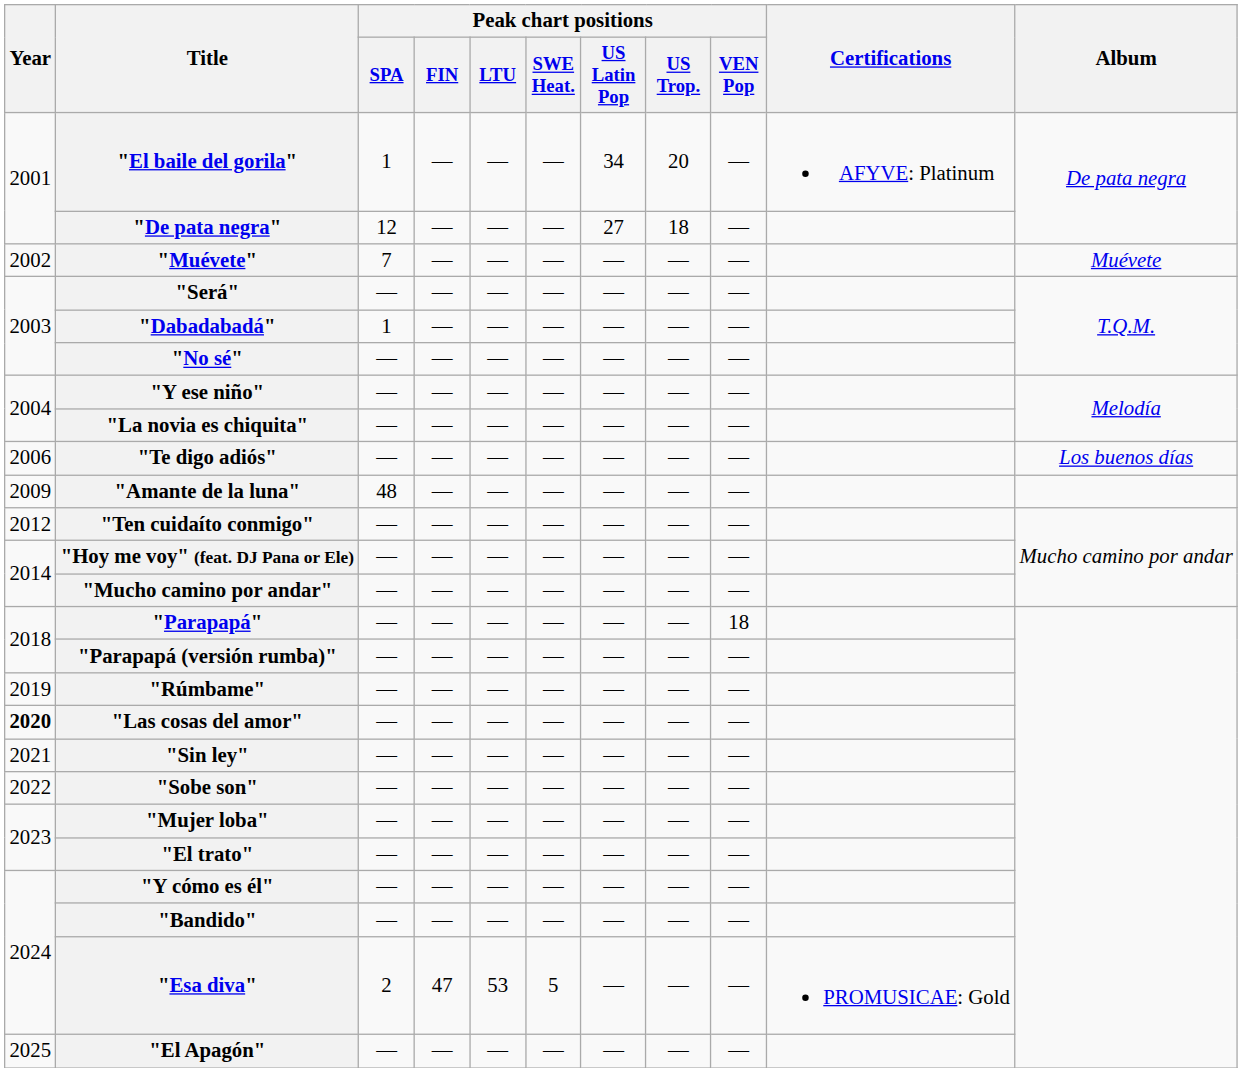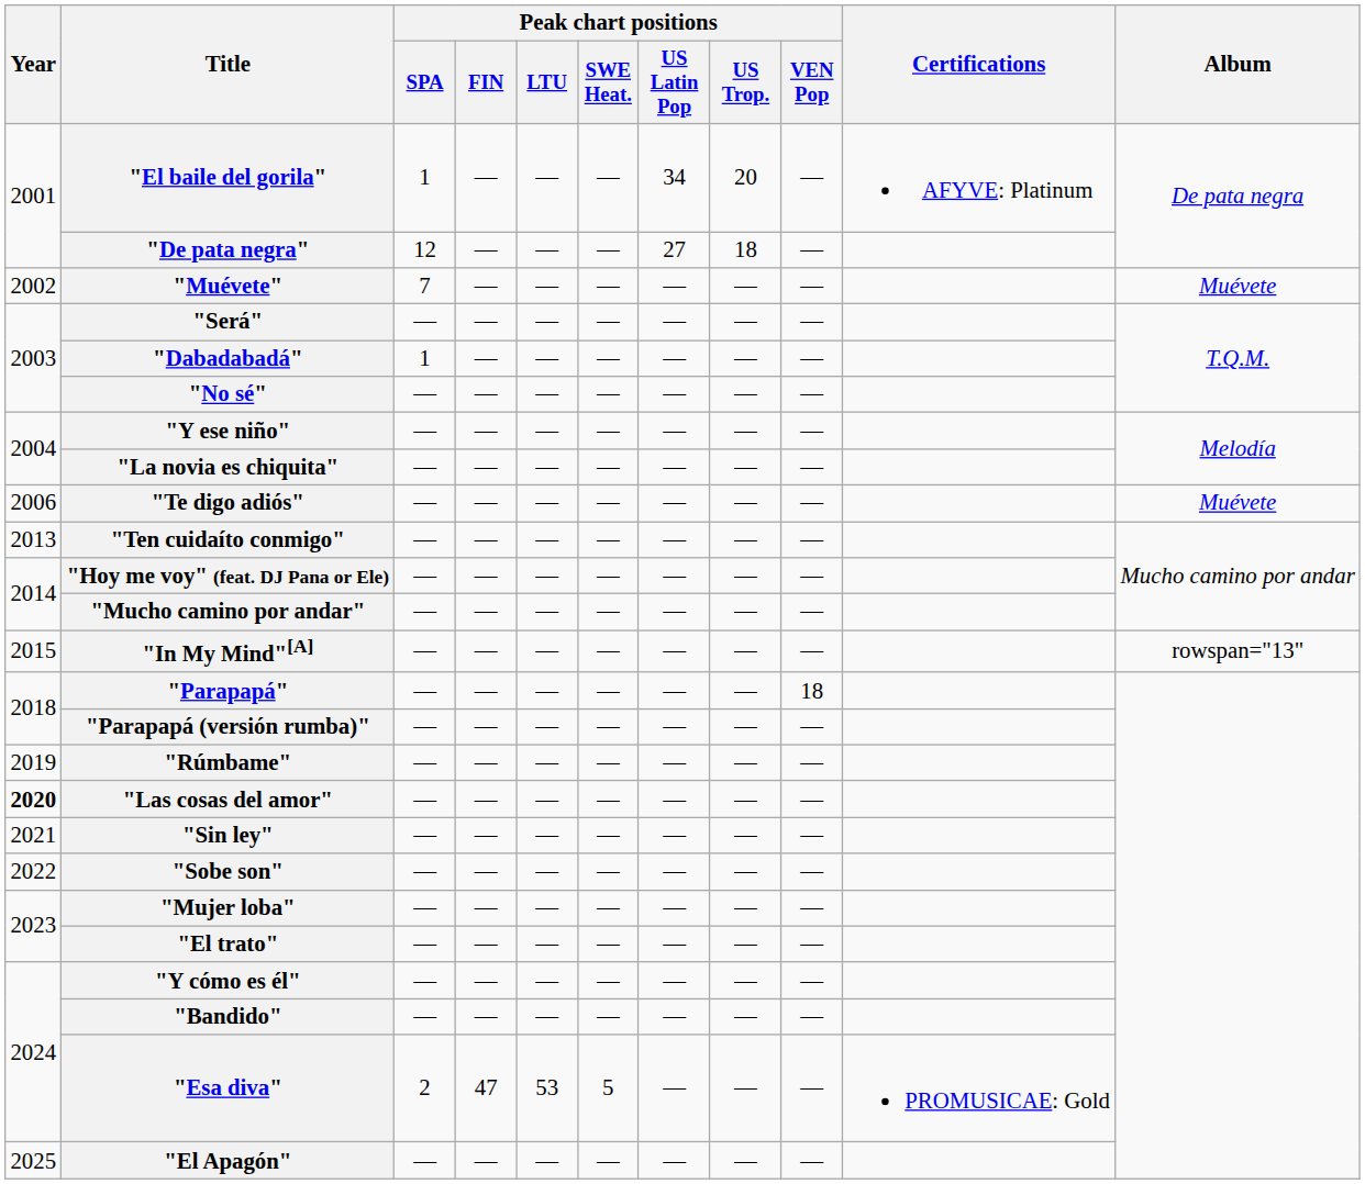 <table class="wikitable plainrowheaders" style="text-align:center">
 <tr>
 <th scope="col" rowspan="2">Year</th>
 <th scope="col" rowspan="2">Title</th>
 <th scope="col" colspan="7">Peak chart positions</th>
 <th scope="col" rowspan="2"><a href='#'>Certifications</a></th>
 <th scope="col" rowspan="2">Album</th>
 </tr>
 <tr>
 <th scope="col" style="width:2.5em;font-size:90%;"><a href='#'>SPA</a><br></th>
 <th scope="col" style="width:2.5em;font-size:90%;"><a href='#'>FIN</a><br></th>
 <th scope="col" style="width:2.5em;font-size:90%;"><a href='#'>LTU</a><br></th>
 <th scope="col" style="width:2.5em;font-size:90%;"><a href='#'>SWE<br>Heat.</a><br></th>
 <th scope="col" style="width:3em;font-size:90%;" !width="25"><a href='#'>US<br>Latin<br>Pop</a><br></th>
 <th scope="col" style="width:3em;font-size:90%;" !width="25"><a href='#'>US<br>Trop.</a><br></th>
 <th scope="col" style="width:2.5em;font-size:90%;"><a href='#'>VEN Pop</a><br></th>
 </tr>
 <tr>
 <td rowspan="2">2001</td>
 <th scope="row">"<a href='#'>El baile del gorila</a>"</th>
 <td>1</td>
 <td>—</td>
 <td>—</td>
 <td>—</td>
 <td>34</td>
 <td>20</td>
 <td>—</td>
 <td><br><ul><li><a href='#'>AFYVE</a>: Platinum</li></ul></td>
 <td rowspan="2"><em><a href='#'>De pata negra</a></em></td>
 </tr>
 <tr>
 <th scope="row">"<a href='#'>De pata negra</a>"</th>
 <td>12</td>
 <td>—</td>
 <td>—</td>
 <td>—</td>
 <td>27</td>
 <td>18</td>
 <td>—</td>
 <td></td>
 </tr>
 <tr>
 <td>2002</td>
 <th scope="row">"<a href='#'>Muévete</a>"</th>
 <td>7</td>
 <td>—</td>
 <td>—</td>
 <td>—</td>
 <td>—</td>
 <td>—</td>
 <td>—</td>
 <td></td>
 <td><em><a href='#'>Muévete</a></em></td>
 </tr>
 <tr>
 <td rowspan="3">2003</td>
 <th scope="row">"Será"</th>
 <td>—</td>
 <td>—</td>
 <td>—</td>
 <td>—</td>
 <td>—</td>
 <td>—</td>
 <td>—</td>
 <td></td>
 <td rowspan="3"><em><a href='#'>T.Q.M.</a></em></td>
 </tr>
 <tr>
 <th scope="row">"<a href='#'>Dabadabadá</a>"</th>
 <td>1</td>
 <td>—</td>
 <td>—</td>
 <td>—</td>
 <td>—</td>
 <td>—</td>
 <td>—</td>
 <td></td>
 </tr>
 <tr>
 <th scope="row">"<a href='#'>No sé</a>"</th>
 <td>—</td>
 <td>—</td>
 <td>—</td>
 <td>—</td>
 <td>—</td>
 <td>—</td>
 <td>—</td>
 <td></td>
 </tr>
 <tr>
 <td rowspan="2">2004</td>
 <th scope="row">"Y ese niño"</th>
 <td>—</td>
 <td>—</td>
 <td>—</td>
 <td>—</td>
 <td>—</td>
 <td>—</td>
 <td>—</td>
 <td></td>
 <td rowspan="2"><em><a href='#'>Melodía</a></em></td>
 </tr>
 <tr>
 <th scope="row">"La novia es chiquita"</th>
 <td>—</td>
 <td>—</td>
 <td>—</td>
 <td>—</td>
 <td>—</td>
 <td>—</td>
 <td>—</td>
 <td></td>
 </tr>
 <tr>
 <td>2006</td>
 <th scope="row">"Te digo adiós"</th>
 <td>—</td>
 <td>—</td>
 <td>—</td>
 <td>—</td>
 <td>—</td>
 <td>—</td>
 <td>—</td>
 <td></td>
-<td><em><a href='#'>Los buenos días</a></em></td>
+<td><em><a href='#'>Muévete</a></em></td>
 </tr>
 <tr>
-<td>2009</td>
-<th scope="row">"Amante de la luna"</th>
-<td>48</td>
-<td>—</td>
-<td>—</td>
-<td>—</td>
-<td>—</td>
-<td>—</td>
-<td>—</td>
-<td></td>
-<td></td>
-</tr>
-<tr>
-<td>2012</td>
+<td>2013</td>
 <th scope="row">"Ten cuidaíto conmigo"</th>
 <td>—</td>
 <td>—</td>
 <td>—</td>
 <td>—</td>
 <td>—</td>
 <td>—</td>
 <td>—</td>
 <td></td>
 <td rowspan="3"><em>Mucho camino por andar</em></td>
 </tr>
 <tr>
 <td rowspan="2">2014</td>
 <th scope="row">"Hoy me voy" <small>(feat. DJ Pana or Ele)</small></th>
 <td>—</td>
 <td>—</td>
 <td>—</td>
 <td>—</td>
 <td>—</td>
 <td>—</td>
 <td>—</td>
 <td></td>
 </tr>
 <tr>
 <th scope="row">"Mucho camino por andar"</th>
 <td>—</td>
 <td>—</td>
 <td>—</td>
 <td>—</td>
 <td>—</td>
 <td>—</td>
 <td>—</td>
+</tr>
+<tr>
+<td>2015</td>
+<th scope="row">"In My Mind"<sup>[A]</sup></th>
+<td>—</td>
+<td>—</td>
+<td>—</td>
+<td>—</td>
+<td>—</td>
+<td>—</td>
+<td>—</td>
+<td></td>
+<td>rowspan="13" </td>
 </tr>
 <tr>
 <td rowspan="2">2018</td>
 <th scope="row">"<a href='#'>Parapapá</a>"</th>
 <td>—</td>
 <td>—</td>
 <td>—</td>
 <td>—</td>
 <td>—</td>
 <td>—</td>
 <td>18</td>
 <td></td>
 </tr>
 <tr>
 <th scope="row">"Parapapá (versión rumba)"</th>
 <td>—</td>
 <td>—</td>
 <td>—</td>
 <td>—</td>
 <td>—</td>
 <td>—</td>
 <td>—</td>
 <td></td>
 </tr>
 <tr>
 <td>2019</td>
 <th scope="row">"Rúmbame"</th>
 <td>—</td>
 <td>—</td>
 <td>—</td>
 <td>—</td>
 <td>—</td>
 <td>—</td>
 <td>—</td>
 <td></td>
 </tr>
 <tr>
 <td><strong>2020</strong></td>
 <th scope="row">"Las cosas del amor"</th>
 <td>—</td>
 <td>—</td>
 <td>—</td>
 <td>—</td>
 <td>—</td>
 <td>—</td>
 <td>—</td>
 <td></td>
 </tr>
 <tr>
 <td>2021</td>
 <th scope="row">"Sin ley"</th>
 <td>—</td>
 <td>—</td>
 <td>—</td>
 <td>—</td>
 <td>—</td>
 <td>—</td>
 <td>—</td>
 <td></td>
 </tr>
 <tr>
 <td>2022</td>
 <th scope="row">"Sobe son"</th>
 <td>—</td>
 <td>—</td>
 <td>—</td>
 <td>—</td>
 <td>—</td>
 <td>—</td>
 <td>—</td>
 <td></td>
 </tr>
 <tr>
 <td rowspan="2">2023</td>
 <th scope="row">"Mujer loba"</th>
 <td>—</td>
 <td>—</td>
 <td>—</td>
 <td>—</td>
 <td>—</td>
 <td>—</td>
 <td>—</td>
 <td></td>
 </tr>
 <tr>
 <th scope="row">"El trato"</th>
 <td>—</td>
 <td>—</td>
 <td>—</td>
 <td>—</td>
 <td>—</td>
 <td>—</td>
 <td>—</td>
 <td></td>
 </tr>
 <tr>
 <td rowspan="3">2024</td>
 <th scope="row">"Y cómo es él"</th>
 <td>—</td>
 <td>—</td>
 <td>—</td>
 <td>—</td>
 <td>—</td>
 <td>—</td>
 <td>—</td>
 <td></td>
 </tr>
 <tr>
 <th scope="row">"Bandido"</th>
 <td>—</td>
 <td>—</td>
 <td>—</td>
 <td>—</td>
 <td>—</td>
 <td>—</td>
 <td>—</td>
 <td></td>
 </tr>
 <tr>
 <th scope="row">"<a href='#'>Esa diva</a>"</th>
 <td>2</td>
 <td>47</td>
 <td>53</td>
 <td>5</td>
 <td>—</td>
 <td>—</td>
 <td>—</td>
 <td><br><ul><li><a href='#'>PROMUSICAE</a>: Gold</li></ul></td>
 </tr>
 <tr>
 <td rowspan="1">2025</td>
 <th scope="row">"El Apagón"</th>
 <td>—</td>
 <td>—</td>
 <td>—</td>
 <td>—</td>
 <td>—</td>
 <td>—</td>
 <td>—</td>
 <td></td>
 </tr>
 </table>
